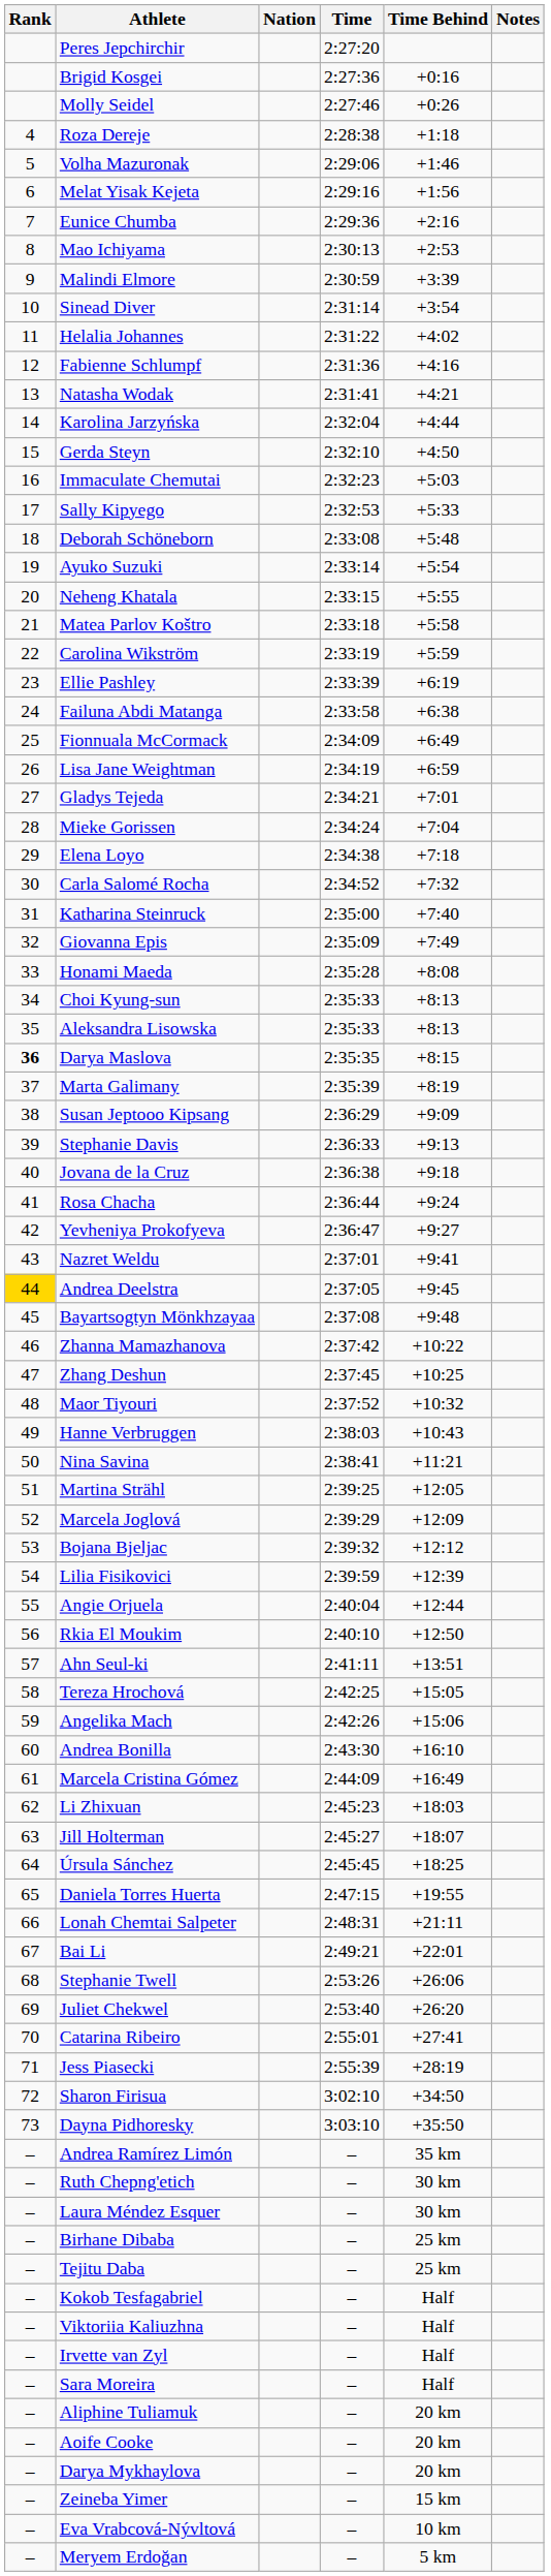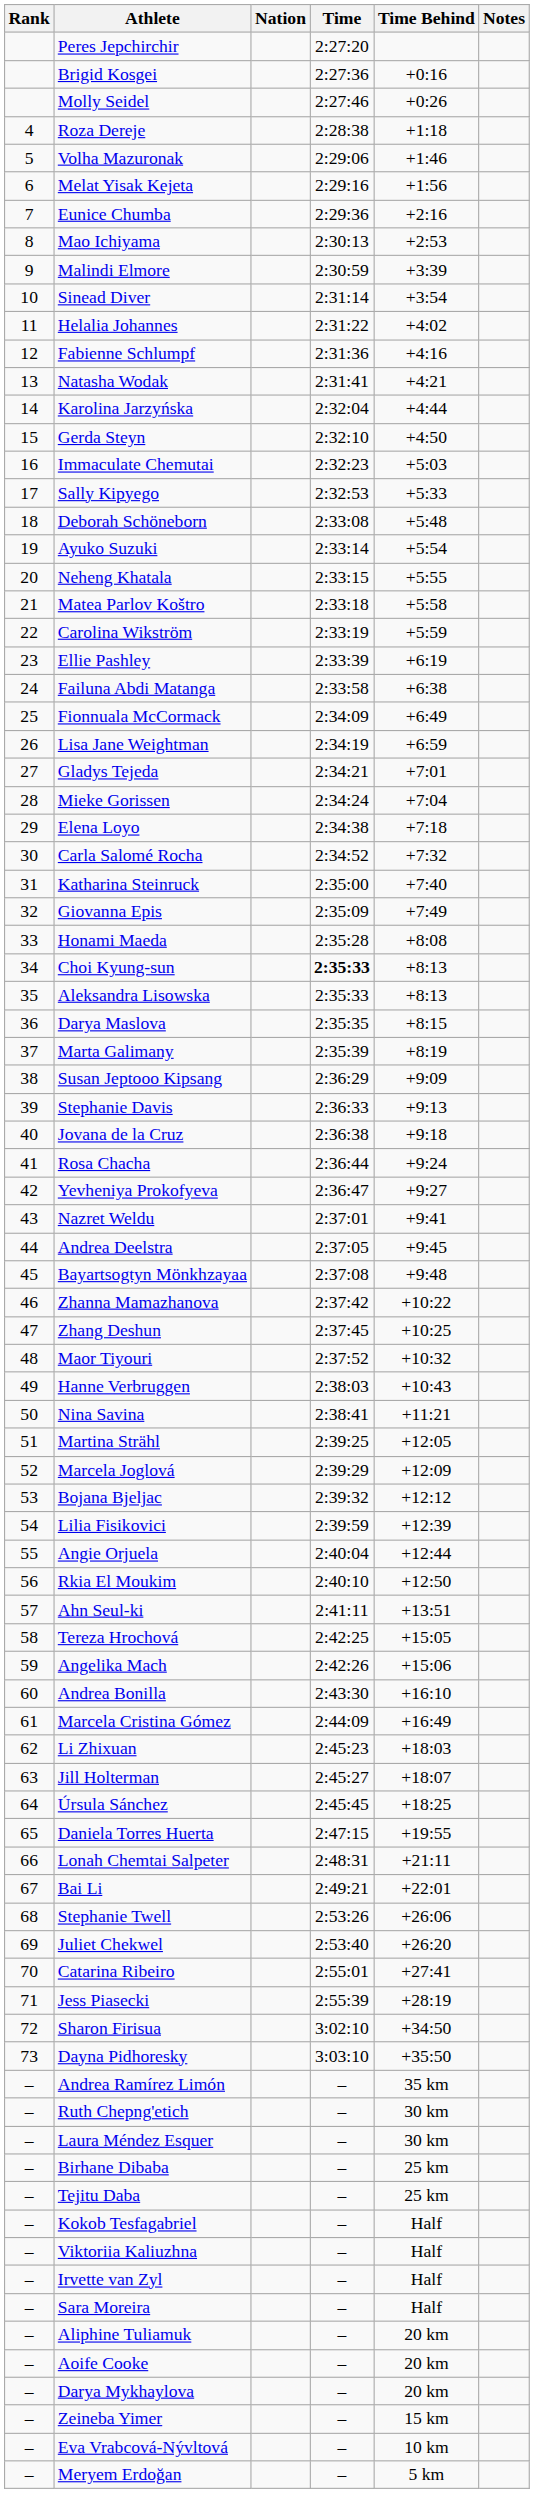 <table class="wikitable sortable" style="text-align:center">
 <tr>
 <th>Rank</th>
 <th>Athlete</th>
 <th>Nation</th>
 <th>Time</th>
 <th>Time Behind</th>
 <th>Notes</th>
 </tr>
 <tr>
 <td></td>
 <td align="left"><a href='#'>Peres Jepchirchir</a></td>
 <td align="left"></td>
 <td>2:27:20</td>
 <td></td>
 <td></td>
 </tr>
 <tr>
 <td></td>
 <td align="left"><a href='#'>Brigid Kosgei</a></td>
 <td align="left"></td>
 <td>2:27:36</td>
 <td>+0:16</td>
 <td></td>
 </tr>
 <tr>
 <td></td>
 <td align="left"><a href='#'>Molly Seidel</a></td>
 <td align="left"></td>
 <td>2:27:46</td>
 <td>+0:26</td>
 <td></td>
 </tr>
 <tr>
 <td>4</td>
 <td align="left"><a href='#'>Roza Dereje</a></td>
 <td align="left"></td>
 <td>2:28:38</td>
 <td>+1:18</td>
 <td></td>
 </tr>
 <tr>
 <td>5</td>
 <td align="left"><a href='#'>Volha Mazuronak</a></td>
 <td align="left"></td>
 <td>2:29:06</td>
 <td>+1:46</td>
 <td></td>
 </tr>
 <tr>
 <td>6</td>
 <td align="left"><a href='#'>Melat Yisak Kejeta</a></td>
 <td align="left"></td>
 <td>2:29:16</td>
 <td>+1:56</td>
 <td></td>
 </tr>
 <tr>
 <td>7</td>
 <td align="left"><a href='#'>Eunice Chumba</a></td>
 <td align="left"></td>
 <td>2:29:36</td>
 <td>+2:16</td>
 <td></td>
 </tr>
 <tr>
 <td>8</td>
 <td align="left"><a href='#'>Mao Ichiyama</a></td>
 <td align="left"></td>
 <td>2:30:13</td>
 <td>+2:53</td>
 <td></td>
 </tr>
 <tr>
 <td>9</td>
 <td align="left"><a href='#'>Malindi Elmore</a></td>
 <td align="left"></td>
 <td>2:30:59</td>
 <td>+3:39</td>
 <td></td>
 </tr>
 <tr>
 <td>10</td>
 <td align="left"><a href='#'>Sinead Diver</a></td>
 <td align="left"></td>
 <td>2:31:14</td>
 <td>+3:54</td>
 <td></td>
 </tr>
 <tr>
 <td>11</td>
 <td align="left"><a href='#'>Helalia Johannes</a></td>
 <td align="left"></td>
 <td>2:31:22</td>
 <td>+4:02</td>
 <td></td>
 </tr>
 <tr>
 <td>12</td>
 <td align="left"><a href='#'>Fabienne Schlumpf</a></td>
 <td align="left"></td>
 <td>2:31:36</td>
 <td>+4:16</td>
 <td></td>
 </tr>
 <tr>
 <td>13</td>
 <td align="left"><a href='#'>Natasha Wodak</a></td>
 <td align="left"></td>
 <td>2:31:41</td>
 <td>+4:21</td>
 <td></td>
 </tr>
 <tr>
 <td>14</td>
 <td align="left"><a href='#'>Karolina Jarzyńska</a></td>
 <td align="left"></td>
 <td>2:32:04</td>
 <td>+4:44</td>
 <td></td>
 </tr>
 <tr>
 <td>15</td>
 <td align="left"><a href='#'>Gerda Steyn</a></td>
 <td align="left"></td>
 <td>2:32:10</td>
 <td>+4:50</td>
 <td></td>
 </tr>
 <tr>
 <td>16</td>
 <td align="left"><a href='#'>Immaculate Chemutai</a></td>
 <td align="left"></td>
 <td>2:32:23</td>
 <td>+5:03</td>
 <td></td>
 </tr>
 <tr>
 <td>17</td>
 <td align="left"><a href='#'>Sally Kipyego</a></td>
 <td align="left"></td>
 <td>2:32:53</td>
 <td>+5:33</td>
 <td></td>
 </tr>
 <tr>
 <td>18</td>
 <td align="left"><a href='#'>Deborah Schöneborn</a></td>
 <td align="left"></td>
 <td>2:33:08</td>
 <td>+5:48</td>
 <td></td>
 </tr>
 <tr>
 <td>19</td>
 <td align="left"><a href='#'>Ayuko Suzuki</a></td>
 <td align="left"></td>
 <td>2:33:14</td>
 <td>+5:54</td>
 <td></td>
 </tr>
 <tr>
 <td>20</td>
 <td align="left"><a href='#'>Neheng Khatala</a></td>
 <td align="left"></td>
 <td>2:33:15</td>
 <td>+5:55</td>
 <td></td>
 </tr>
 <tr>
 <td>21</td>
 <td align="left"><a href='#'>Matea Parlov Koštro</a></td>
 <td align="left"></td>
 <td>2:33:18</td>
 <td>+5:58</td>
 <td></td>
 </tr>
 <tr>
 <td>22</td>
 <td align="left"><a href='#'>Carolina Wikström</a></td>
 <td align="left"></td>
 <td>2:33:19</td>
 <td>+5:59</td>
 <td></td>
 </tr>
 <tr>
 <td>23</td>
 <td align="left"><a href='#'>Ellie Pashley</a></td>
 <td align="left"></td>
 <td>2:33:39</td>
 <td>+6:19</td>
 <td></td>
 </tr>
 <tr>
 <td>24</td>
 <td align="left"><a href='#'>Failuna Abdi Matanga</a></td>
 <td align="left"></td>
 <td>2:33:58</td>
 <td>+6:38</td>
 <td></td>
 </tr>
 <tr>
 <td>25</td>
 <td align="left"><a href='#'>Fionnuala McCormack</a></td>
 <td align="left"></td>
 <td>2:34:09</td>
 <td>+6:49</td>
 <td></td>
 </tr>
 <tr>
 <td>26</td>
 <td align="left"><a href='#'>Lisa Jane Weightman</a></td>
 <td align="left"></td>
 <td>2:34:19</td>
 <td>+6:59</td>
 <td></td>
 </tr>
 <tr>
 <td>27</td>
 <td align="left"><a href='#'>Gladys Tejeda</a></td>
 <td align="left"></td>
 <td>2:34:21</td>
 <td>+7:01</td>
 <td></td>
 </tr>
 <tr>
 <td>28</td>
 <td align="left"><a href='#'>Mieke Gorissen</a></td>
 <td align="left"></td>
 <td>2:34:24</td>
 <td>+7:04</td>
 <td></td>
 </tr>
 <tr>
 <td>29</td>
 <td align="left"><a href='#'>Elena Loyo</a></td>
 <td align="left"></td>
 <td>2:34:38</td>
 <td>+7:18</td>
 <td></td>
 </tr>
 <tr>
 <td>30</td>
 <td align="left"><a href='#'>Carla Salomé Rocha</a></td>
 <td align="left"></td>
 <td>2:34:52</td>
 <td>+7:32</td>
 <td></td>
 </tr>
 <tr>
 <td>31</td>
 <td align="left"><a href='#'>Katharina Steinruck</a></td>
 <td align="left"></td>
 <td>2:35:00</td>
 <td>+7:40</td>
 <td></td>
 </tr>
 <tr>
 <td>32</td>
 <td align="left"><a href='#'>Giovanna Epis</a></td>
 <td align="left"></td>
 <td>2:35:09</td>
 <td>+7:49</td>
 <td></td>
 </tr>
 <tr>
 <td>33</td>
 <td align="left"><a href='#'>Honami Maeda</a></td>
 <td align="left"></td>
 <td>2:35:28</td>
 <td>+8:08</td>
 <td></td>
 </tr>
 <tr>
 <td>34</td>
 <td align="left"><a href='#'>Choi Kyung-sun</a></td>
 <td align="left"></td>
-<td>2:35:33</td>
+<td><strong>2:35:33</strong></td>
 <td>+8:13</td>
 <td></td>
 </tr>
 <tr>
 <td>35</td>
 <td align="left"><a href='#'>Aleksandra Lisowska</a></td>
 <td align="left"></td>
 <td>2:35:33</td>
 <td>+8:13</td>
 <td></td>
 </tr>
 <tr>
-<td><strong>36</strong></td>
+<td>36</td>
 <td align="left"><a href='#'>Darya Maslova</a></td>
 <td align="left"></td>
 <td>2:35:35</td>
 <td>+8:15</td>
 <td></td>
 </tr>
 <tr>
 <td>37</td>
 <td align="left"><a href='#'>Marta Galimany</a></td>
 <td align="left"></td>
 <td>2:35:39</td>
 <td>+8:19</td>
 <td></td>
 </tr>
 <tr>
 <td>38</td>
 <td align="left"><a href='#'>Susan Jeptooo Kipsang</a></td>
 <td align="left"></td>
 <td>2:36:29</td>
 <td>+9:09</td>
 <td></td>
 </tr>
 <tr>
 <td>39</td>
 <td align="left"><a href='#'>Stephanie Davis</a></td>
 <td align="left"></td>
 <td>2:36:33</td>
 <td>+9:13</td>
 <td></td>
 </tr>
 <tr>
 <td>40</td>
 <td align="left"><a href='#'>Jovana de la Cruz</a></td>
 <td align="left"></td>
 <td>2:36:38</td>
 <td>+9:18</td>
 <td></td>
 </tr>
 <tr>
 <td>41</td>
 <td align="left"><a href='#'>Rosa Chacha</a></td>
 <td align="left"></td>
 <td>2:36:44</td>
 <td>+9:24</td>
 <td></td>
 </tr>
 <tr>
 <td>42</td>
 <td align="left"><a href='#'>Yevheniya Prokofyeva</a></td>
 <td align="left"></td>
 <td>2:36:47</td>
 <td>+9:27</td>
 <td></td>
 </tr>
 <tr>
 <td>43</td>
 <td align="left"><a href='#'>Nazret Weldu</a></td>
 <td align="left"></td>
 <td>2:37:01</td>
 <td>+9:41</td>
 <td></td>
 </tr>
 <tr>
-<td style="background: gold;">44</td>
+<td>44</td>
 <td align="left"><a href='#'>Andrea Deelstra</a></td>
 <td align="left"></td>
 <td>2:37:05</td>
 <td>+9:45</td>
 <td></td>
 </tr>
 <tr>
 <td>45</td>
 <td align="left"><a href='#'>Bayartsogtyn Mönkhzayaa</a></td>
 <td align="left"></td>
 <td>2:37:08</td>
 <td>+9:48</td>
 <td></td>
 </tr>
 <tr>
 <td>46</td>
 <td align="left"><a href='#'>Zhanna Mamazhanova</a></td>
 <td align="left"></td>
 <td>2:37:42</td>
 <td>+10:22</td>
 <td></td>
 </tr>
 <tr>
 <td>47</td>
 <td align="left"><a href='#'>Zhang Deshun</a></td>
 <td align="left"></td>
 <td>2:37:45</td>
 <td>+10:25</td>
 <td></td>
 </tr>
 <tr>
 <td>48</td>
 <td align="left"><a href='#'>Maor Tiyouri</a></td>
 <td align="left"></td>
 <td>2:37:52</td>
 <td>+10:32</td>
 <td></td>
 </tr>
 <tr>
 <td>49</td>
 <td align="left"><a href='#'>Hanne Verbruggen</a></td>
 <td align="left"></td>
 <td>2:38:03</td>
 <td>+10:43</td>
 <td></td>
 </tr>
 <tr>
 <td>50</td>
 <td align="left"><a href='#'>Nina Savina</a></td>
 <td align="left"></td>
 <td>2:38:41</td>
 <td>+11:21</td>
 <td></td>
 </tr>
 <tr>
 <td>51</td>
 <td align="left"><a href='#'>Martina Strähl</a></td>
 <td align="left"></td>
 <td>2:39:25</td>
 <td>+12:05</td>
 <td></td>
 </tr>
 <tr>
 <td>52</td>
 <td align="left"><a href='#'>Marcela Joglová</a></td>
 <td align="left"></td>
 <td>2:39:29</td>
 <td>+12:09</td>
 <td></td>
 </tr>
 <tr>
 <td>53</td>
 <td align="left"><a href='#'>Bojana Bjeljac</a></td>
 <td align="left"></td>
 <td>2:39:32</td>
 <td>+12:12</td>
 <td></td>
 </tr>
 <tr>
 <td>54</td>
 <td align="left"><a href='#'>Lilia Fisikovici</a></td>
 <td align="left"></td>
 <td>2:39:59</td>
 <td>+12:39</td>
 <td></td>
 </tr>
 <tr>
 <td>55</td>
 <td align="left"><a href='#'>Angie Orjuela</a></td>
 <td align="left"></td>
 <td>2:40:04</td>
 <td>+12:44</td>
 <td></td>
 </tr>
 <tr>
 <td>56</td>
 <td align="left"><a href='#'>Rkia El Moukim</a></td>
 <td align="left"></td>
 <td>2:40:10</td>
 <td>+12:50</td>
 <td></td>
 </tr>
 <tr>
 <td>57</td>
 <td align="left"><a href='#'>Ahn Seul-ki</a></td>
 <td align="left"></td>
 <td>2:41:11</td>
 <td>+13:51</td>
 <td></td>
 </tr>
 <tr>
 <td>58</td>
 <td align="left"><a href='#'>Tereza Hrochová</a></td>
 <td align="left"></td>
 <td>2:42:25</td>
 <td>+15:05</td>
 <td></td>
 </tr>
 <tr>
 <td>59</td>
 <td align="left"><a href='#'>Angelika Mach</a></td>
 <td align="left"></td>
 <td>2:42:26</td>
 <td>+15:06</td>
 <td></td>
 </tr>
 <tr>
 <td>60</td>
 <td align="left"><a href='#'>Andrea Bonilla</a></td>
 <td align="left"></td>
 <td>2:43:30</td>
 <td>+16:10</td>
 <td></td>
 </tr>
 <tr>
 <td>61</td>
 <td align="left"><a href='#'>Marcela Cristina Gómez</a></td>
 <td align="left"></td>
 <td>2:44:09</td>
 <td>+16:49</td>
 <td></td>
 </tr>
 <tr>
 <td>62</td>
 <td align="left"><a href='#'>Li Zhixuan</a></td>
 <td align="left"></td>
 <td>2:45:23</td>
 <td>+18:03</td>
 <td></td>
 </tr>
 <tr>
 <td>63</td>
 <td align="left"><a href='#'>Jill Holterman</a></td>
 <td align="left"></td>
 <td>2:45:27</td>
 <td>+18:07</td>
 <td></td>
 </tr>
 <tr>
 <td>64</td>
 <td align="left"><a href='#'>Úrsula Sánchez</a></td>
 <td align="left"></td>
 <td>2:45:45</td>
 <td>+18:25</td>
 <td></td>
 </tr>
 <tr>
 <td>65</td>
 <td align="left"><a href='#'>Daniela Torres Huerta</a></td>
 <td align="left"></td>
 <td>2:47:15</td>
 <td>+19:55</td>
 <td></td>
 </tr>
 <tr>
 <td>66</td>
 <td align="left"><a href='#'>Lonah Chemtai Salpeter</a></td>
 <td align="left"></td>
 <td>2:48:31</td>
 <td>+21:11</td>
 <td></td>
 </tr>
 <tr>
 <td>67</td>
 <td align="left"><a href='#'>Bai Li</a></td>
 <td align="left"></td>
 <td>2:49:21</td>
 <td>+22:01</td>
 <td></td>
 </tr>
 <tr>
 <td>68</td>
 <td align="left"><a href='#'>Stephanie Twell</a></td>
 <td align="left"></td>
 <td>2:53:26</td>
 <td>+26:06</td>
 <td></td>
 </tr>
 <tr>
 <td>69</td>
 <td align="left"><a href='#'>Juliet Chekwel</a></td>
 <td align="left"></td>
 <td>2:53:40</td>
 <td>+26:20</td>
 <td></td>
 </tr>
 <tr>
 <td>70</td>
 <td align="left"><a href='#'>Catarina Ribeiro</a></td>
 <td align="left"></td>
 <td>2:55:01</td>
 <td>+27:41</td>
 <td></td>
 </tr>
 <tr>
 <td>71</td>
 <td align="left"><a href='#'>Jess Piasecki</a></td>
 <td align="left"></td>
 <td>2:55:39</td>
 <td>+28:19</td>
 <td></td>
 </tr>
 <tr>
 <td>72</td>
 <td align="left"><a href='#'>Sharon Firisua</a></td>
 <td align="left"></td>
 <td>3:02:10</td>
 <td>+34:50</td>
 <td></td>
 </tr>
 <tr>
 <td>73</td>
 <td align="left"><a href='#'>Dayna Pidhoresky</a></td>
 <td align="left"></td>
 <td>3:03:10</td>
 <td>+35:50</td>
 <td></td>
 </tr>
 <tr>
 <td>–</td>
 <td align="left"><a href='#'>Andrea Ramírez Limón</a></td>
 <td align="left"></td>
 <td>–</td>
 <td>35 km</td>
 <td></td>
 </tr>
 <tr>
 <td>–</td>
 <td align=left><a href='#'>Ruth Chepng'etich</a></td>
 <td align=left></td>
 <td>–</td>
 <td>30 km</td>
 <td></td>
 </tr>
 <tr>
 <td>–</td>
 <td align=left><a href='#'>Laura Méndez Esquer</a></td>
 <td align=left></td>
 <td>–</td>
 <td>30 km</td>
 <td></td>
 </tr>
 <tr>
 <td>–</td>
 <td align=left><a href='#'>Birhane Dibaba</a></td>
 <td align=left></td>
 <td>–</td>
 <td>25 km</td>
 <td></td>
 </tr>
 <tr>
 <td>–</td>
 <td align=left><a href='#'>Tejitu Daba</a></td>
 <td align=left></td>
 <td>–</td>
 <td>25 km</td>
 <td></td>
 </tr>
 <tr>
 <td>–</td>
 <td align=left><a href='#'>Kokob Tesfagabriel</a></td>
 <td align=left></td>
 <td>–</td>
 <td>Half</td>
 <td></td>
 </tr>
 <tr>
 <td>–</td>
 <td align=left><a href='#'>Viktoriia Kaliuzhna</a></td>
 <td align=left></td>
 <td>–</td>
 <td>Half</td>
 <td></td>
 </tr>
 <tr>
 <td>–</td>
 <td align=left><a href='#'>Irvette van Zyl</a></td>
 <td align=left></td>
 <td>–</td>
 <td>Half</td>
 <td></td>
 </tr>
 <tr>
 <td>–</td>
 <td align=left><a href='#'>Sara Moreira</a></td>
 <td align=left></td>
 <td>–</td>
 <td>Half</td>
 <td></td>
 </tr>
 <tr>
 <td>–</td>
 <td align=left><a href='#'>Aliphine Tuliamuk</a></td>
 <td align=left></td>
 <td>–</td>
 <td>20 km</td>
 <td></td>
 </tr>
 <tr>
 <td>–</td>
 <td align=left><a href='#'>Aoife Cooke</a></td>
 <td align=left></td>
 <td>–</td>
 <td>20 km</td>
 <td></td>
 </tr>
 <tr>
 <td>–</td>
 <td align=left><a href='#'>Darya Mykhaylova</a></td>
 <td align=left></td>
 <td>–</td>
 <td>20 km</td>
 <td></td>
 </tr>
 <tr>
 <td>–</td>
 <td align=left><a href='#'>Zeineba Yimer</a></td>
 <td align=left></td>
 <td>–</td>
 <td>15 km</td>
 <td></td>
 </tr>
 <tr>
 <td>–</td>
 <td align=left><a href='#'>Eva Vrabcová-Nývltová</a></td>
 <td align=left></td>
 <td>–</td>
 <td>10 km</td>
 <td></td>
 </tr>
 <tr>
 <td>–</td>
 <td align=left><a href='#'>Meryem Erdoğan</a></td>
 <td align=left></td>
 <td>–</td>
 <td>5 km</td>
 <td></td>
 </tr>
 </table>
